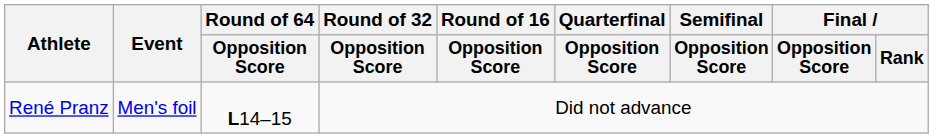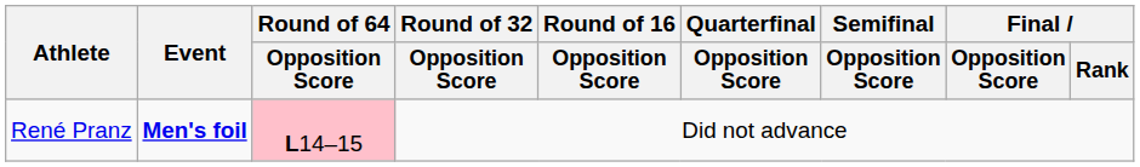 <table class="wikitable" style="font-size:90%">
 <tr>
 <th rowspan=2>Athlete</th>
 <th rowspan=2>Event</th>
 <th>Round of 64</th>
 <th>Round of 32</th>
 <th>Round of 16</th>
 <th>Quarterfinal</th>
 <th>Semifinal</th>
 <th colspan=2>Final / </th>
 </tr>
 <tr style="font-size:95%">
 <th>Opposition<br>Score</th>
 <th>Opposition<br>Score</th>
 <th>Opposition<br>Score</th>
 <th>Opposition<br>Score</th>
 <th>Opposition<br>Score</th>
 <th>Opposition<br>Score</th>
 <th>Rank</th>
 </tr>
 <tr align=center>
 <td align=left><a href='#'>René Pranz</a></td>
-<td align=left><a href='#'>Men's foil</a></td>
-<td><br><strong>L</strong>14–15</td>
+<td align=left><strong><a href='#'>Men's foil</a></strong></td>
+<td style="background: pink;"><br><strong>L</strong>14–15</td>
 <td colspan=6>Did not advance</td>
 </tr>
 </table>
